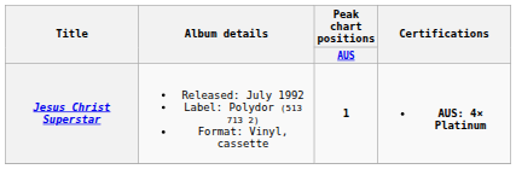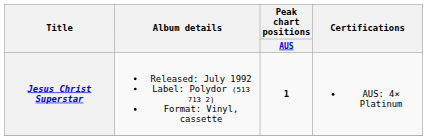 <table class="wikitable plainrowheaders" style="text-align:center;" border="1">
 <tr>
 <th scope="col" rowspan="2" style="width:12em;">Title</th>
 <th scope="col" rowspan="2" style="width:16em;">Album details</th>
 <th scope="col">Peak chart positions</th>
 <th scope="col" rowspan="2" style="width:12em;">Certifications</th>
 </tr>
 <tr>
 <th scope="col" style="width:3em;font-size:90%;"><a href='#'>AUS</a><br></th>
 </tr>
 <tr>
 <th scope="row"><em><a href='#'>Jesus Christ Superstar</a></em></th>
 <td><br><ul><li>Released: July 1992</li><li>Label: Polydor <small>(513 713 2)</small></li><li>Format: Vinyl, cassette</li></ul></td>
 <td><strong>1</strong></td>
-<td><strong><br><ul><li>AUS: 4× Platinum</li></ul></strong></td>
+<td><br><ul><li>AUS: 4× Platinum</li></ul></td>
 </tr>
 <tr>
 </tr>
 </table>
